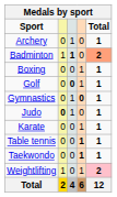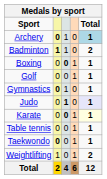 <table class="wikitable" style="font-size:85%; text-align:center">
 <tr style="background:#efefef;">
 <th colspan="7"><strong>Medals by sport</strong></th>
 </tr>
 <tr>
 <td><strong>Sport</strong></td>
 <td bgcolor="#f7f6a8"></td>
 <td bgcolor="#dce5e5"></td>
 <td bgcolor="#ffdab9"></td>
 <td><strong>Total</strong></td>
 </tr>
 <tr>
 <td><a href='#'>Archery</a></td>
-<td style="background:#F7F6A8;">0</td>
+<td style="background:#F7F6A8;"><strong>0</strong></td>
 <td style="background:#DCE5E5;">1</td>
 <td style="background:#FFDAB9;">0</td>
+<td style="background: lightblue;"><strong>1</strong></td>
+</tr>
+<tr align=center>
+<td><a href='#'>Badminton</a></td>
+<td style="background:#F7F6A8;"><strong>1</strong></td>
+<td style="background:#DCE5E5;">1</td>
+<td style="background:#FFDAB9;">0</td>
+<td><strong>2</strong></td>
+</tr>
+<tr align=center>
+<td><a href='#'>Boxing</a></td>
+<td style="background:#F7F6A8;">0</td>
+<td style="background:#DCE5E5;"><strong>0</strong></td>
+<td style="background:#FFDAB9;">1</td>
 <td><strong>1</strong></td>
 </tr>
 <tr align=center>
-<td><a href='#'>Badminton</a></td>
-<td style="background:#F7F6A8;">1</td>
-<td style="background:#DCE5E5;"><strong>1</strong></td>
-<td style="background:#FFDAB9;">0</td>
-<td style="background: lightsalmon;"><strong>2</strong></td>
-</tr>
-<tr align=center>
-<td><a href='#'>Boxing</a></td>
+<td><a href='#'>Golf</a></td>
 <td style="background:#F7F6A8;">0</td>
 <td style="background:#DCE5E5;">0</td>
 <td style="background:#FFDAB9;">1</td>
 <td><strong>1</strong></td>
 </tr>
 <tr align=center>
-<td><a href='#'>Golf</a></td>
-<td style="background:#F7F6A8;">0</td>
-<td style="background:#DCE5E5;"><strong>0</strong></td>
-<td style="background:#FFDAB9;">1</td>
-<td><strong>1</strong></td>
-</tr>
-<tr align=center>
 <td><a href='#'>Gymnastics</a></td>
-<td style="background:#F7F6A8;">0</td>
-<td style="background:#DCE5E5;">1</td>
-<td style="background:#FFDAB9;"><strong>0</strong></td>
-<td><strong>1</strong></td>
-</tr>
-<tr align=center>
-<td><a href='#'>Judo</a></td>
 <td style="background:#F7F6A8;"><strong>0</strong></td>
 <td style="background:#DCE5E5;">1</td>
 <td style="background:#FFDAB9;">0</td>
 <td><strong>1</strong></td>
 </tr>
 <tr align=center>
+<td><a href='#'>Judo</a></td>
+<td style="background:#F7F6A8;">0</td>
+<td style="background:#DCE5E5;"><strong>1</strong></td>
+<td style="background:#FFDAB9;">0</td>
+<td style="background: lavender;"><strong>1</strong></td>
+</tr>
+<tr align=center>
 <td><a href='#'>Karate</a></td>
+<td style="background:#F7F6A8;">0</td>
+<td style="background:#DCE5E5;"><strong>0</strong></td>
+<td style="background:#FFDAB9;">1</td>
+<td style="background: lightyellow;"><strong>1</strong></td>
+</tr>
+<tr align=center>
+<td><a href='#'>Table tennis</a></td>
 <td style="background:#F7F6A8;">0</td>
 <td style="background:#DCE5E5;">0</td>
 <td style="background:#FFDAB9;">1</td>
 <td><strong>1</strong></td>
 </tr>
 <tr align=center>
-<td><a href='#'>Table tennis</a></td>
-<td style="background:#F7F6A8;">0</td>
+<td><a href='#'>Taekwondo</a></td>
+<td style="background:#F7F6A8;"><strong>0</strong></td>
 <td style="background:#DCE5E5;">0</td>
-<td style="background:#FFDAB9;"><strong>1</strong></td>
-<td><strong>1</strong></td>
-</tr>
-<tr align=center>
-<td><a href='#'>Taekwondo</a></td>
-<td style="background:#F7F6A8;">0</td>
-<td style="background:#DCE5E5;">0</td>
-<td style="background:#FFDAB9;"><strong>1</strong></td>
+<td style="background:#FFDAB9;">1</td>
 <td><strong>1</strong></td>
 </tr>
 <tr align=center>
 <td><a href='#'>Weightlifting</a></td>
 <td style="background:#F7F6A8;">1</td>
 <td style="background:#DCE5E5;">0</td>
 <td style="background:#FFDAB9;">1</td>
-<td style="background: pink;"><strong>2</strong></td>
+<td><strong>2</strong></td>
 </tr>
 <tr align=center>
 <th><strong>Total</strong></th>
 <th style="background:gold;"><strong>2</strong></th>
 <th style="background:silver;"><strong>4</strong></th>
 <th style="background:#c96;"><strong>6</strong></th>
 <th><strong>12</strong></th>
 </tr>
 </table>
